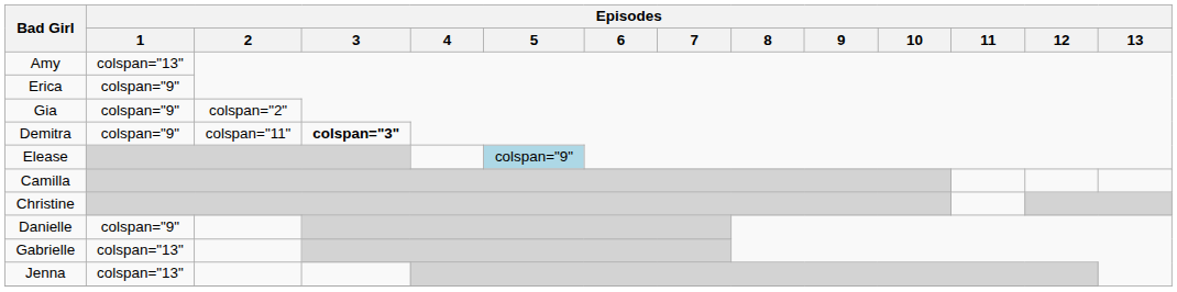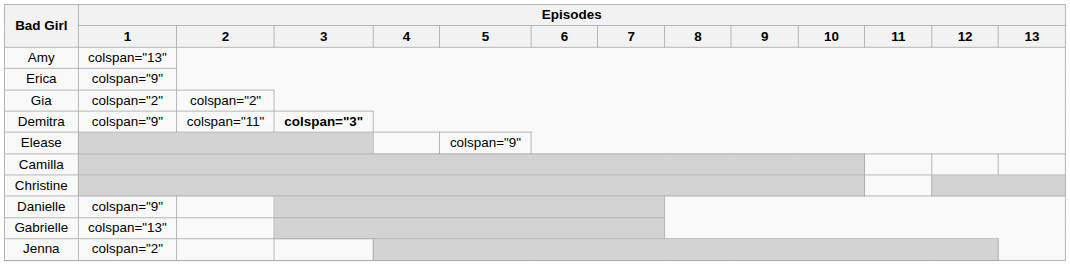 <table class="wikitable plainrowheaders" style="text-align:center; width:100%;">
 <tr>
 <th scope="col" rowspan="2" style="width:5%;">Bad Girl</th>
 <th scope="col" colspan="15">Episodes</th>
 </tr>
 <tr>
 <th scope="col" style="width:5%;">1</th>
 <th scope="col" style="width:5%;">2</th>
 <th scope="col" style="width:5%;">3</th>
 <th scope="col" style="width:5%;">4</th>
 <th scope="col" style="width:5%;">5</th>
 <th scope="col" style="width:5%;">6</th>
 <th scope="col" style="width:5%;">7</th>
 <th scope="col" style="width:5%;">8</th>
 <th scope="col" style="width:5%;">9</th>
 <th scope="col" style="width:5%;">10</th>
 <th scope="col" style="width:5%;">11</th>
 <th scope="col" style="width:5%;">12</th>
 <th scope="col" style="width:5%;">13</th>
 </tr>
 <tr>
 <td scope="row">Amy</td>
 <td>colspan="13" </td>
 </tr>
 <tr>
 <td scope="row">Erica</td>
 <td>colspan="9" </td>
 </tr>
 <tr>
 <td scope="row">Gia</td>
-<td>colspan="9" </td>
+<td>colspan="2" </td>
 <td>colspan="2" </td>
 </tr>
 <tr>
 <td scope="row">Demitra</td>
 <td>colspan="9" </td>
 <td>colspan="11" </td>
 <td><strong>colspan="3" </strong></td>
 </tr>
 <tr>
 <td scope="row">Elease</td>
 <td style="background:lightgrey;" colspan="3"></td>
 <td></td>
-<td style="background: lightblue;">colspan="9" </td>
+<td>colspan="9" </td>
 </tr>
 <tr>
 <td scope="row">Camilla</td>
 <td style="background:lightgrey;" colspan="10"></td>
 <td></td>
 <td></td>
 <td></td>
 </tr>
 <tr>
 <td scope="row">Christine</td>
 <td style="background:lightgrey;" colspan="10"></td>
 <td></td>
 <td style="background:lightgrey;" colspan="2"></td>
 </tr>
 <tr>
 <td scope="row">Danielle</td>
 <td>colspan="9" </td>
 <td></td>
 <td style="background:lightgrey;" colspan="5"></td>
 </tr>
 <tr>
 <td scope="row">Gabrielle</td>
 <td>colspan="13" </td>
 <td></td>
 <td style="background:lightgrey;" colspan="5"></td>
 </tr>
 <tr>
 <td scope="row">Jenna</td>
-<td>colspan="13" </td>
+<td>colspan="2" </td>
 <td></td>
 <td></td>
 <td style="background:lightgrey;" colspan="9"></td>
 </tr>
 <tr>
 </tr>
 </table>
